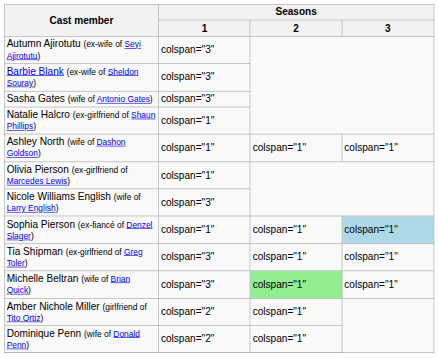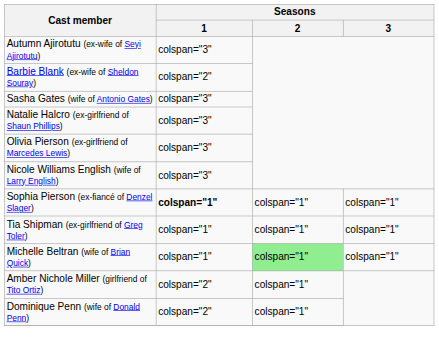 <table class="wikitable plainrowheaders" width="54%">
 <tr>
 <th scope="col" rowspan="2" style="width:14%;">Cast member</th>
 <th scope="col" colspan="3">Seasons</th>
 </tr>
 <tr>
 <th scope="col" style="width:5%;" scope="col" rowspan="1" style="width:5%;">1</th>
 <th scope="col" style="width:5%;" scope="col" rowspan="1" style="width:5%;">2</th>
 <th scope="col" style="width:5%;" scope="col" rowspan="1" style="width:5%;">3</th>
 </tr>
 <tr>
 <td>Autumn Ajirotutu <small>(ex-wife of <a href='#'>Seyi Ajirotutu</a>)</small></td>
 <td>colspan="3" </td>
 </tr>
 <tr>
 <td><a href='#'>Barbie Blank</a> <small>(ex-wife of <a href='#'>Sheldon Souray</a>)</small></td>
-<td>colspan="3" </td>
+<td>colspan="2" </td>
 </tr>
 <tr>
 <td>Sasha Gates <small>(wife of <a href='#'>Antonio Gates</a>)</small></td>
 <td>colspan="3" </td>
 </tr>
 <tr>
 <td>Natalie Halcro <small>(ex-girlfriend of <a href='#'>Shaun Phillips</a>)</small></td>
-<td>colspan="1" </td>
-</tr>
-<tr>
-<td>Ashley North <small>(wife of <a href='#'>Dashon Goldson</a>)</small></td>
-<td>colspan="1" </td>
-<td>colspan="1" </td>
-<td>colspan="1" </td>
+<td>colspan="3" </td>
 </tr>
 <tr>
 <td>Olivia Pierson <small>(ex-girlfriend of <a href='#'>Marcedes Lewis</a>)</small></td>
-<td>colspan="1" </td>
+<td>colspan="3" </td>
 </tr>
 <tr>
 <td>Nicole Williams English <small>(wife of <a href='#'>Larry English</a>)</small></td>
 <td>colspan="3" </td>
 </tr>
 <tr>
 <td>Sophia Pierson <small>(ex-fiancé of <a href='#'>Denzel Slager</a>)</small></td>
+<td><strong>colspan="1" </strong></td>
 <td>colspan="1" </td>
 <td>colspan="1" </td>
-<td style="background: lightblue;">colspan="1" </td>
 </tr>
 <tr>
 <td>Tia Shipman <small>(ex-girlfriend of <a href='#'>Greg Toler</a>)</small></td>
-<td>colspan="3" </td>
+<td>colspan="1" </td>
 <td>colspan="1" </td>
 <td>colspan="1" </td>
 </tr>
 <tr>
 <td>Michelle Beltran <small>(wife of <a href='#'>Brian Quick</a>)</small></td>
-<td>colspan="3" </td>
+<td>colspan="1" </td>
 <td style="background: lightgreen;">colspan="1" </td>
 <td>colspan="1" </td>
 </tr>
 <tr>
 <td>Amber Nichole Miller <small>(girlfriend of <a href='#'>Tito Ortiz</a>)</small></td>
 <td>colspan="2" </td>
 <td>colspan="1" </td>
 </tr>
 <tr>
 <td>Dominique Penn <small>(wife of <a href='#'>Donald Penn</a>)</small></td>
 <td>colspan="2" </td>
 <td>colspan="1" </td>
 </tr>
 <tr>
 </tr>
 </table>
